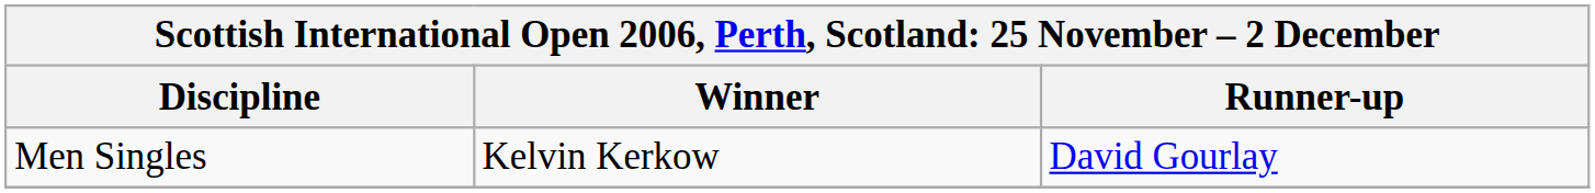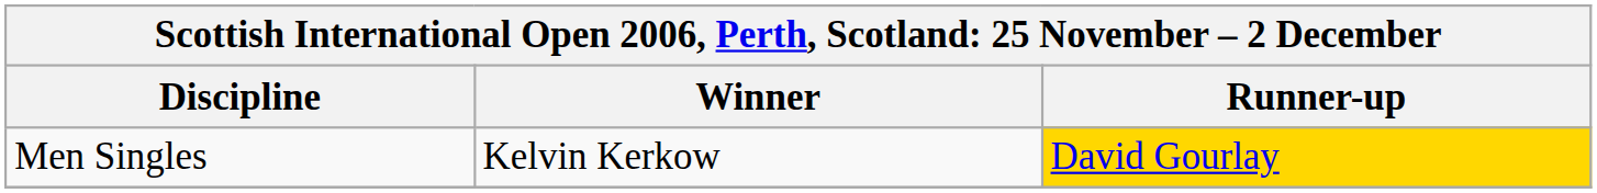 <table class="wikitable" width="75%">
 <tr>
 <th colspan="3">Scottish International Open 2006, <a href='#'>Perth</a>, Scotland: 25 November – 2 December</th>
 </tr>
 <tr>
 <th>Discipline</th>
 <th>Winner</th>
 <th>Runner-up</th>
 </tr>
 <tr>
 <td>Men Singles</td>
 <td> Kelvin Kerkow</td>
-<td> <a href='#'>David Gourlay</a></td>
+<td style="background: gold;"> <a href='#'>David Gourlay</a></td>
 </tr>
 <tr>
 </tr>
 </table>
